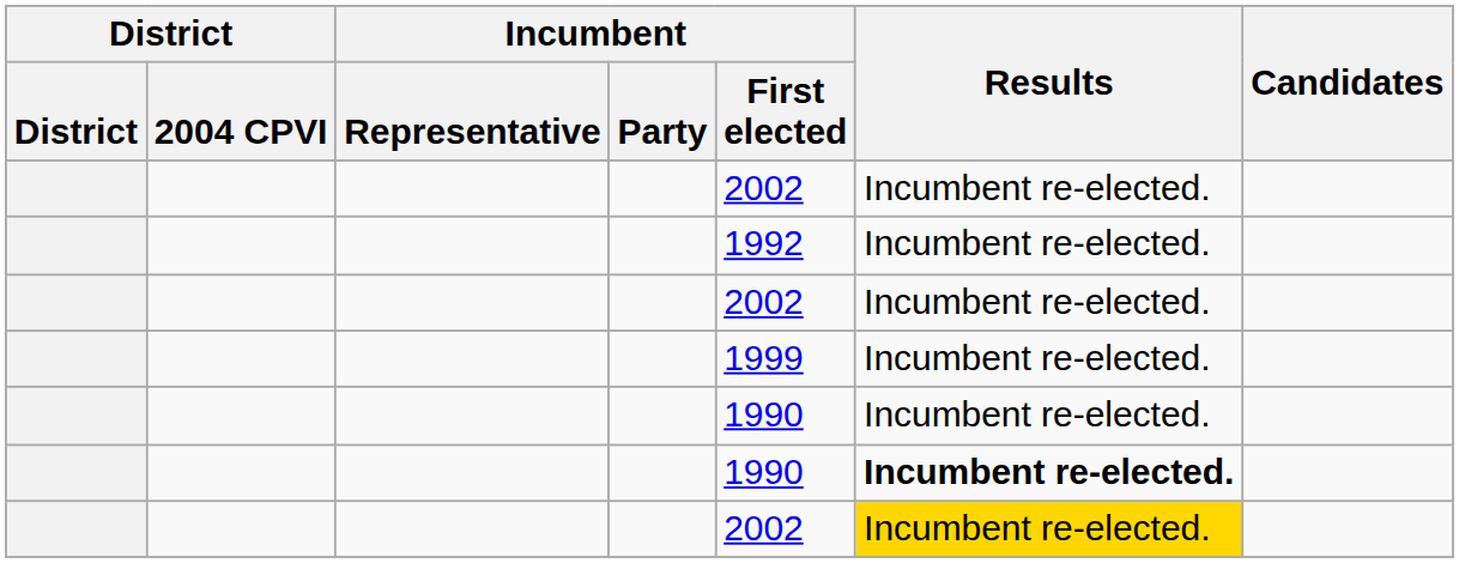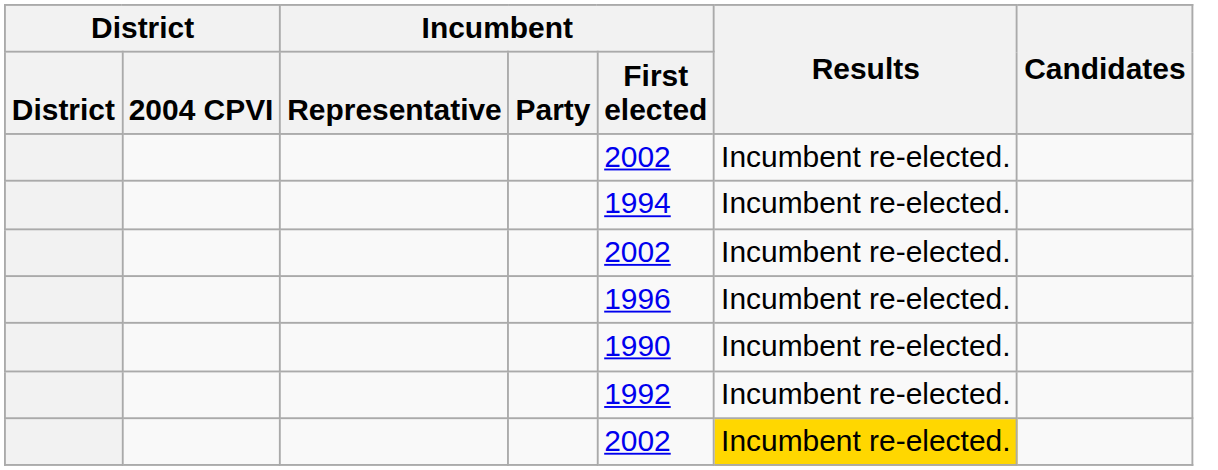 <table class="wikitable sortable">
 <tr>
 <th colspan=2>District</th>
 <th colspan=3>Incumbent</th>
 <th rowspan=2>Results</th>
 <th rowspan=2>Candidates</th>
 </tr>
 <tr valign=bottom>
 <th>District</th>
 <th>2004 CPVI</th>
 <th>Representative</th>
 <th>Party</th>
 <th>First<br>elected</th>
 </tr>
 <tr>
 <th></th>
 <td></td>
 <td></td>
 <td></td>
 <td><a href='#'>2002</a></td>
 <td>Incumbent re-elected.</td>
 <td nowrap></td>
 </tr>
 <tr>
 <th></th>
 <td></td>
 <td></td>
 <td></td>
-<td><a href='#'>1992</a></td>
+<td><a href='#'>1994</a></td>
 <td>Incumbent re-elected.</td>
 <td nowrap></td>
 </tr>
 <tr>
 <th></th>
 <td></td>
 <td></td>
 <td></td>
 <td><a href='#'>2002</a></td>
 <td>Incumbent re-elected.</td>
 <td nowrap></td>
 </tr>
 <tr>
 <th></th>
 <td></td>
 <td></td>
 <td></td>
-<td><a href='#'>1999</a></td>
+<td><a href='#'>1996</a></td>
 <td>Incumbent re-elected.</td>
 <td nowrap></td>
 </tr>
 <tr>
 <th></th>
 <td></td>
 <td></td>
 <td></td>
 <td><a href='#'>1990</a></td>
 <td>Incumbent re-elected.</td>
 <td nowrap></td>
 </tr>
 <tr>
 <th></th>
 <td></td>
 <td></td>
 <td></td>
-<td><a href='#'>1990</a></td>
-<td><strong>Incumbent re-elected.</strong></td>
+<td><a href='#'>1992</a></td>
+<td>Incumbent re-elected.</td>
 <td nowrap></td>
 </tr>
 <tr>
 <th></th>
 <td></td>
 <td></td>
 <td></td>
 <td><a href='#'>2002</a></td>
 <td style="background: gold;">Incumbent re-elected.</td>
 <td nowrap></td>
 </tr>
 </table>
